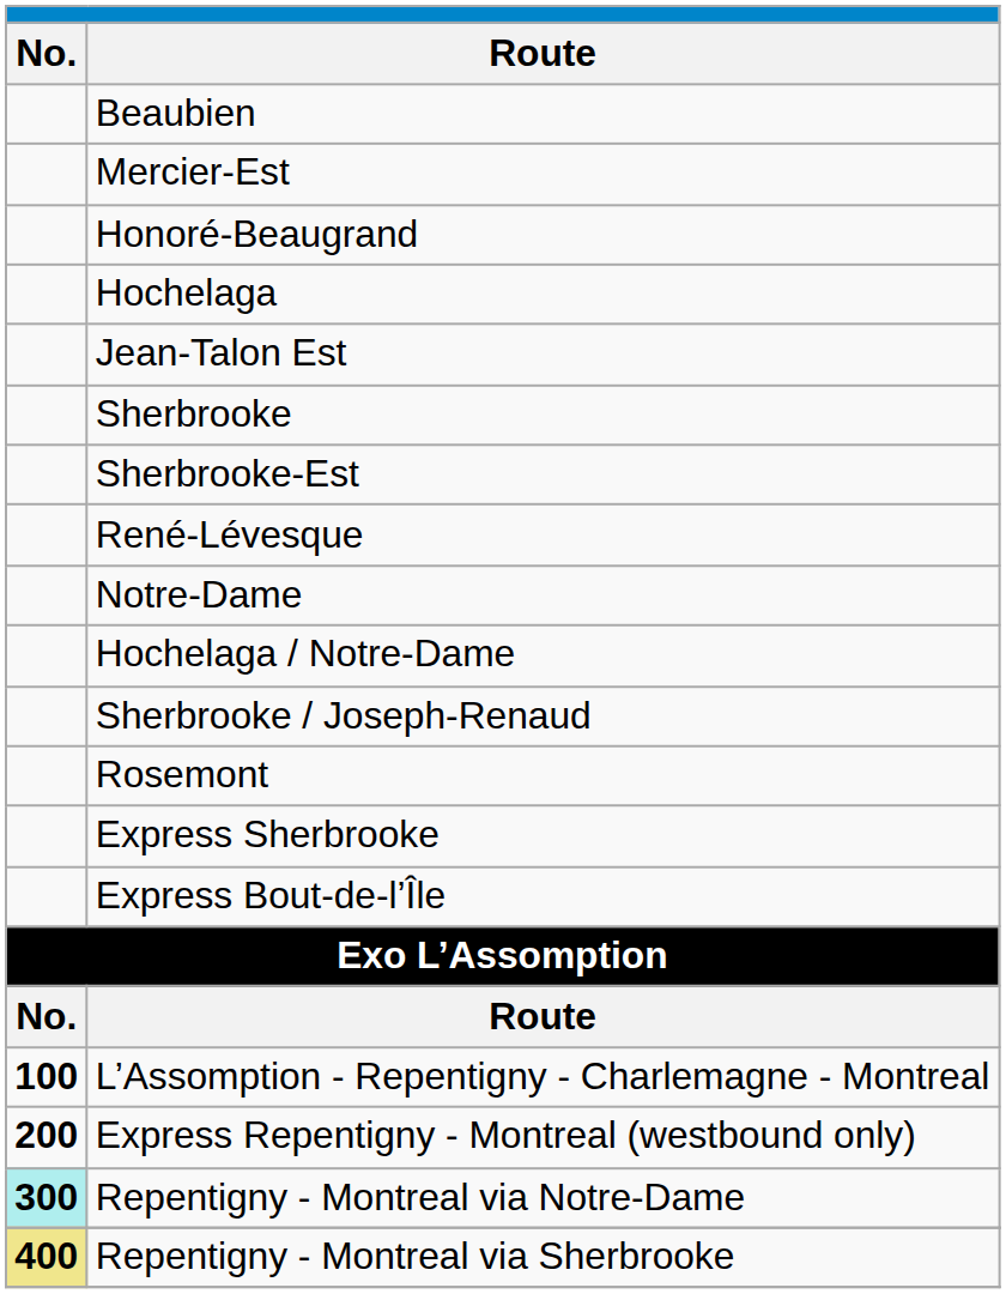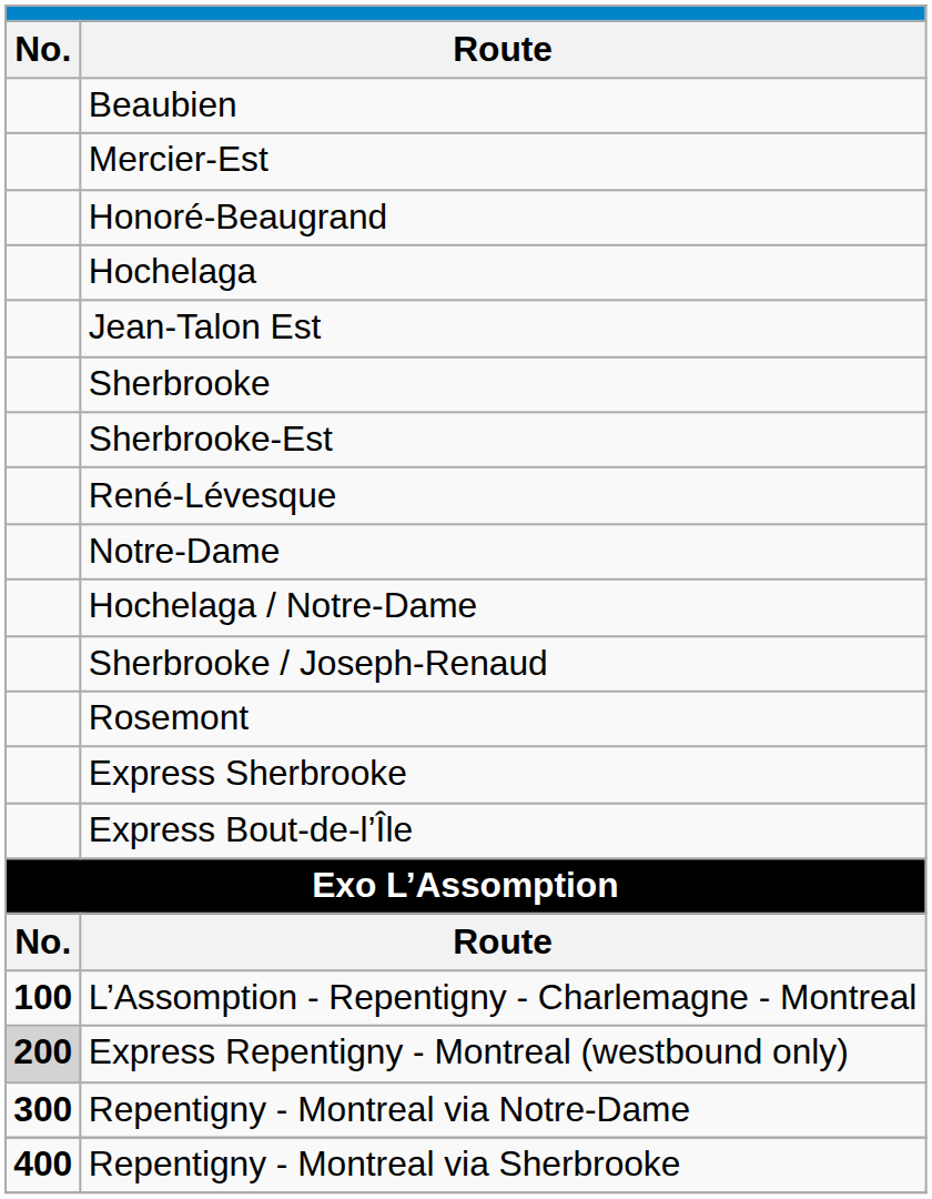 <table align=center class="wikitable">
 <tr>
 <th style="background: #0085CA; font-size:100%; color:#FFFFFF;"colspan="4"><a href='#'></a></th>
 </tr>
 <tr>
 <th>No.</th>
 <th>Route</th>
 </tr>
 <tr>
 <td {{Avoid wrap> </td>
 <td>Beaubien</td>
 </tr>
 <tr>
 <td></td>
 <td>Mercier-Est</td>
 </tr>
 <tr>
 <td></td>
 <td>Honoré-Beaugrand</td>
 </tr>
 <tr>
 <td></td>
 <td>Hochelaga</td>
 </tr>
 <tr>
 <td {{Avoid wrap> </td>
 <td>Jean-Talon Est</td>
 </tr>
 <tr>
 <td></td>
 <td>Sherbrooke</td>
 </tr>
 <tr>
 <td></td>
 <td>Sherbrooke-Est</td>
 </tr>
 <tr>
 <td {{Avoid wrap> </td>
 <td>René-Lévesque</td>
 </tr>
 <tr>
 <td></td>
 <td>Notre-Dame</td>
 </tr>
 <tr>
 <td {{Avoid wrap> </td>
 <td>Hochelaga / Notre-Dame</td>
 </tr>
 <tr>
 <td {{Avoid wrap> </td>
 <td>Sherbrooke / Joseph-Renaud</td>
 </tr>
 <tr>
 <td {{Avoid wrap> </td>
 <td>Rosemont</td>
 </tr>
 <tr>
 <td></td>
 <td>Express Sherbrooke</td>
 </tr>
 <tr>
 <td></td>
 <td>Express Bout-de-l’Île</td>
 </tr>
 <tr>
 <th colspan="4" style="background: black; color:#FFFFFF;">Exo L’Assomption</th>
 </tr>
 <tr>
 <th>No.</th>
 <th>Route</th>
 </tr>
 <tr>
 <td {{border> <strong>100</strong></td>
 <td>L’Assomption - Repentigny - Charlemagne - Montreal</td>
 </tr>
 <tr>
-<td {{border> <strong>200</strong></td>
+<td {{border style="background: lightgrey;"> <strong>200</strong></td>
 <td>Express Repentigny - Montreal (westbound only)</td>
 </tr>
 <tr>
-<td {{border style="background: paleturquoise;"> <strong>300</strong></td>
+<td {{border> <strong>300</strong></td>
 <td>Repentigny - Montreal via Notre-Dame</td>
 </tr>
 <tr>
 </tr>
 <tr>
-<td {{border style="background: khaki;"> <strong>400</strong></td>
+<td {{border> <strong>400</strong></td>
 <td>Repentigny - Montreal via Sherbrooke</td>
 </tr>
 <tr>
 </tr>
 </table>
